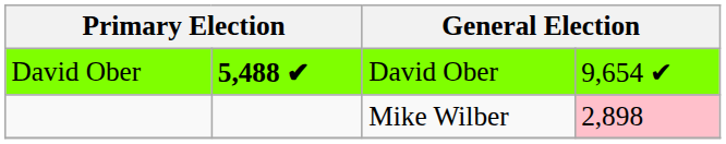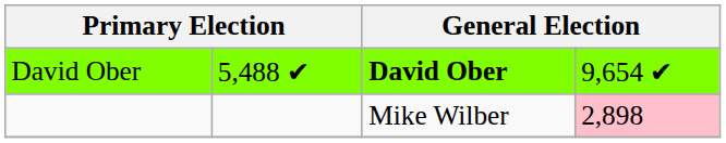 <table class=wikitable>
 <tr>
 <th scope="col" width="200px" colspan=2>Primary Election</th>
 <th scope="col" width="200px" colspan=2>General Election</th>
 </tr>
 <tr>
 <td bgcolor="chartreuse">David Ober</td>
-<td bgcolor="chartreuse"><strong>5,488 ✔</strong></td>
-<td bgcolor="chartreuse">David Ober</td>
+<td bgcolor="chartreuse">5,488 ✔</td>
+<td bgcolor="chartreuse"><strong>David Ober</strong></td>
 <td bgcolor="chartreuse">9,654 ✔</td>
 </tr>
 <tr>
 <td></td>
 <td></td>
 <td>Mike Wilber</td>
 <td style="background: pink;">2,898</td>
 </tr>
 <tr>
 </tr>
 </table>
